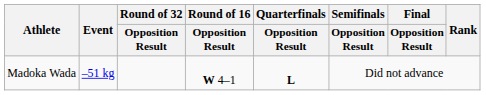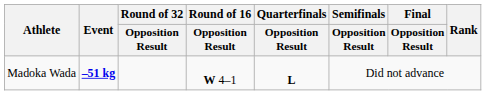 <table class=wikitable style=font-size:90%;text-align:center>
 <tr>
 <th rowspan="2">Athlete</th>
 <th rowspan="2">Event</th>
 <th>Round of 32</th>
 <th>Round of 16</th>
 <th>Quarterfinals</th>
 <th>Semifinals</th>
 <th>Final</th>
 <th rowspan=2>Rank</th>
 </tr>
 <tr style="font-size:95%">
 <th>Opposition<br>Result</th>
 <th>Opposition<br>Result</th>
 <th>Opposition<br>Result</th>
 <th>Opposition<br>Result</th>
 <th>Opposition<br>Result</th>
 </tr>
 <tr>
 <td style="text-align:left">Madoka Wada</td>
-<td style="text-align:left"><a href='#'>–51 kg</a></td>
+<td style="text-align:left"><strong><a href='#'>–51 kg</a></strong></td>
 <td></td>
 <td><br><strong>W</strong> 4–1</td>
 <td><br><strong>L</strong> </td>
 <td colspan=3>Did not advance</td>
 </tr>
 </table>
